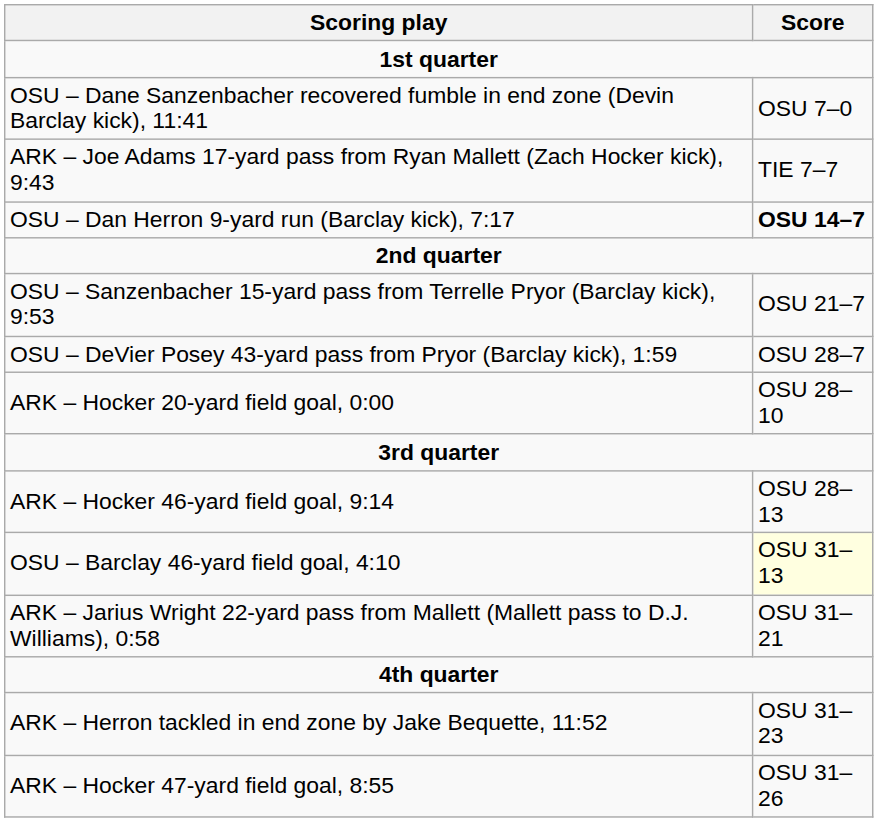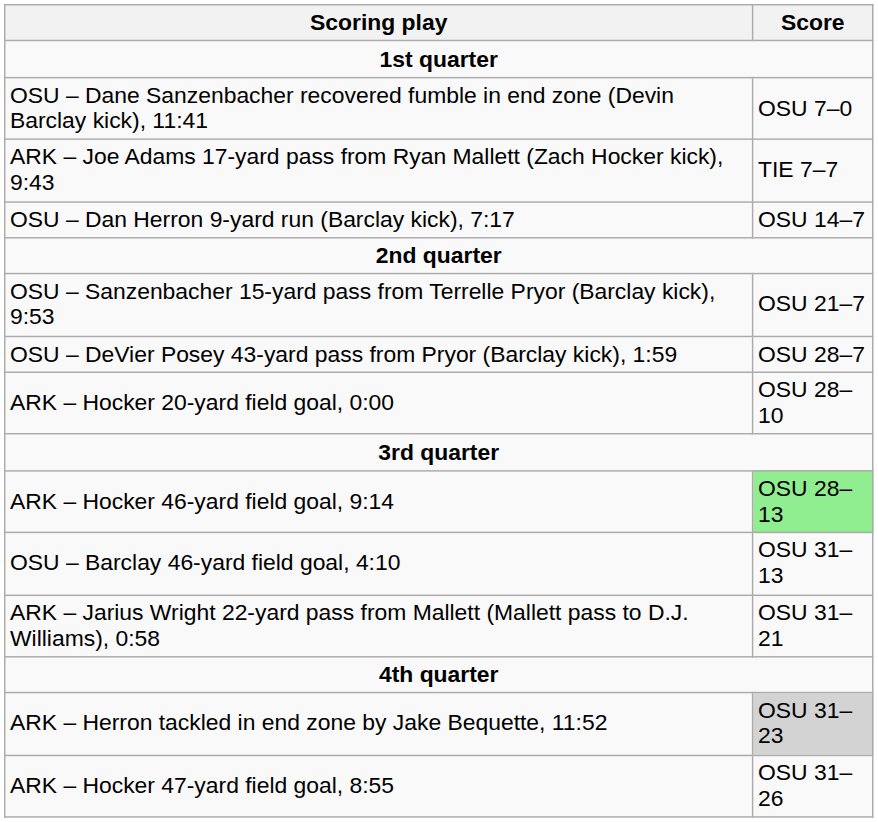 <table class="wikitable">
 <tr>
 <th>Scoring play</th>
 <th>Score</th>
 </tr>
 <tr>
 <td colspan="4" align="center"><strong>1st quarter</strong></td>
 </tr>
 <tr>
 <td>OSU –	Dane Sanzenbacher recovered fumble in end zone (Devin Barclay kick), 11:41</td>
 <td>OSU 7–0</td>
 </tr>
 <tr>
 <td>ARK – Joe Adams 17-yard pass from Ryan Mallett (Zach Hocker kick), 9:43</td>
 <td>TIE 7–7</td>
 </tr>
 <tr>
 <td>OSU – Dan Herron 9-yard run (Barclay kick), 7:17</td>
-<td><strong>OSU 14–7</strong></td>
+<td>OSU 14–7</td>
 </tr>
 <tr>
 <td colspan="4" align="center"><strong>2nd quarter</strong></td>
 </tr>
 <tr>
 <td>OSU – Sanzenbacher 15-yard pass from Terrelle Pryor (Barclay kick), 9:53</td>
 <td>OSU 21–7</td>
 </tr>
 <tr>
 <td>OSU – DeVier Posey 43-yard pass from Pryor (Barclay kick), 1:59</td>
 <td>OSU 28–7</td>
 </tr>
 <tr>
 <td>ARK – Hocker 20-yard field goal, 0:00</td>
 <td>OSU 28–10</td>
 </tr>
 <tr>
 <td colspan="4" align="center"><strong>3rd quarter</strong></td>
 </tr>
 <tr>
 <td>ARK – Hocker 46-yard field goal, 9:14</td>
-<td>OSU 28–13</td>
+<td style="background: lightgreen;">OSU 28–13</td>
 </tr>
 <tr>
 <td>OSU – Barclay 46-yard field goal, 4:10</td>
-<td style="background: lightyellow;">OSU 31–13</td>
+<td>OSU 31–13</td>
 </tr>
 <tr>
 <td>ARK – Jarius Wright 22-yard pass from Mallett (Mallett pass to D.J. Williams), 0:58</td>
 <td>OSU 31–21</td>
 </tr>
 <tr>
 <td colspan="4" align="center"><strong>4th quarter</strong></td>
 </tr>
 <tr>
 <td>ARK – Herron tackled in end zone by Jake Bequette, 11:52</td>
-<td>OSU 31–23</td>
+<td style="background: lightgrey;">OSU 31–23</td>
 </tr>
 <tr>
 <td>ARK – Hocker 47-yard field goal, 8:55</td>
 <td>OSU 31–26</td>
 </tr>
 </table>
